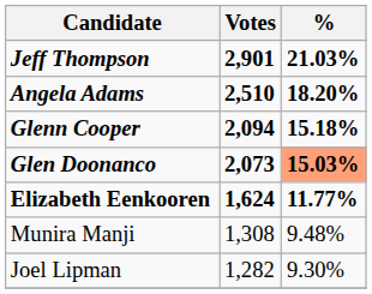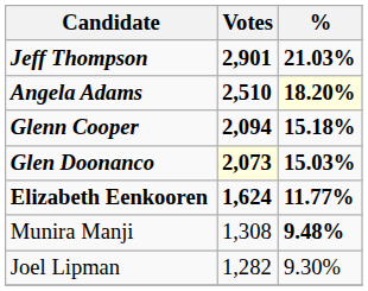 <table class="wikitable" style="width:260px">
 <tr>
 <th>Candidate</th>
 <th>Votes</th>
 <th>%</th>
 </tr>
 <tr>
 <td><strong><em>Jeff Thompson</em></strong></td>
 <td><strong>2,901</strong></td>
 <td><strong>21.03%</strong></td>
 </tr>
 <tr>
 <td><strong><em>Angela Adams</em></strong></td>
 <td><strong>2,510</strong></td>
-<td><strong>18.20%</strong></td>
+<td style="background: lightyellow;"><strong>18.20%</strong></td>
 </tr>
 <tr>
 <td><strong><em>Glenn Cooper</em></strong></td>
 <td><strong>2,094</strong></td>
 <td><strong>15.18%</strong></td>
 </tr>
 <tr>
 <td><strong><em>Glen Doonanco</em></strong></td>
-<td><strong>2,073</strong></td>
-<td style="background: lightsalmon;"><strong>15.03%</strong></td>
+<td style="background: lightyellow;"><strong>2,073</strong></td>
+<td><strong>15.03%</strong></td>
 </tr>
 <tr>
 <td><strong>Elizabeth Eenkooren</strong></td>
 <td><strong>1,624</strong></td>
 <td><strong>11.77%</strong></td>
 </tr>
 <tr>
 <td>Munira Manji</td>
 <td>1,308</td>
-<td>9.48%</td>
+<td><strong>9.48%</strong></td>
 </tr>
 <tr>
 <td>Joel Lipman</td>
 <td>1,282</td>
 <td>9.30%</td>
 </tr>
 <tr>
 </tr>
 </table>
